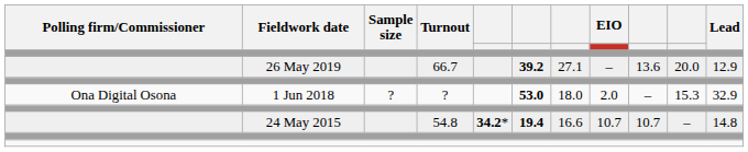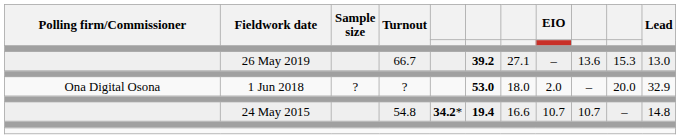 <table class="wikitable collapsible collapsed" style="text-align:center; font-size:95%; line-height:16px;">
 <tr style="height:42px;">
 <th style="width:250px;" rowspan="2">Polling firm/Commissioner</th>
 <th style="width:125px;" rowspan="2">Fieldwork date</th>
 <th style="width:50px;" rowspan="2">Sample size</th>
 <th style="width:45px;" rowspan="2">Turnout</th>
 <th style="width:35px;"></th>
 <th style="width:35px;"></th>
 <th style="width:35px;"></th>
 <th style="width:35px;">EIO</th>
 <th style="width:35px;"></th>
 <th style="width:35px;"></th>
 <th style="width:30px;" rowspan="2">Lead</th>
 </tr>
 <tr>
 <th style="color:inherit;background:"></th>
 <th style="color:inherit;background:"></th>
 <th style="color:inherit;background:"></th>
 <th style="color:inherit;background:#C82F27;"></th>
 <th style="color:inherit;background:"></th>
 <th style="color:inherit;background:"></th>
 </tr>
 <tr>
 <td colspan="11" style="background:#A0A0A0"></td>
 </tr>
 <tr style="background:#EFEFEF;">
 <td><strong></strong></td>
 <td>26 May 2019</td>
 <td></td>
 <td>66.7</td>
 <td></td>
 <td><strong>39.2</strong><br></td>
 <td>27.1<br></td>
 <td>–</td>
 <td>13.6<br></td>
-<td>20.0</td>
-<td style="background:">12.9</td>
+<td>15.3<br></td>
+<td style="background:">13.0</td>
 </tr>
 <tr>
 <td colspan="11" style="background:#A0A0A0"></td>
 </tr>
 <tr>
 <td>Ona Digital Osona</td>
 <td>1 Jun 2018</td>
 <td>?</td>
 <td>?</td>
 <td></td>
 <td><strong>53.0</strong></td>
 <td>18.0</td>
 <td>2.0</td>
 <td>–</td>
-<td>15.3<br></td>
+<td>20.0</td>
 <td style="background:">32.9</td>
 </tr>
 <tr>
 <td colspan="11" style="background:#A0A0A0"></td>
 </tr>
 <tr style="background:#EFEFEF;">
 <td><strong></strong></td>
 <td>24 May 2015</td>
 <td></td>
 <td>54.8</td>
 <td><strong>34.2</strong>*<br></td>
 <td><strong>19.4<br></strong></td>
 <td>16.6<br></td>
 <td>10.7<br></td>
 <td>10.7<br></td>
 <td>–</td>
 <td style="background:">14.8</td>
 </tr>
 <tr>
 <td colspan="11" style="background:#A0A0A0"></td>
 </tr>
 <tr>
 <td align="left" colspan="11"></td>
 </tr>
 </table>
